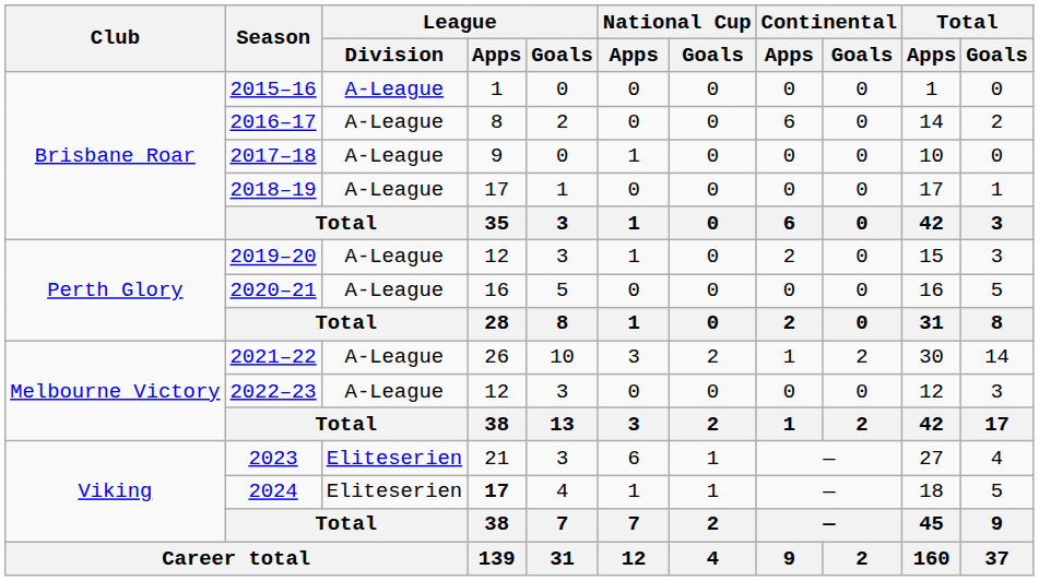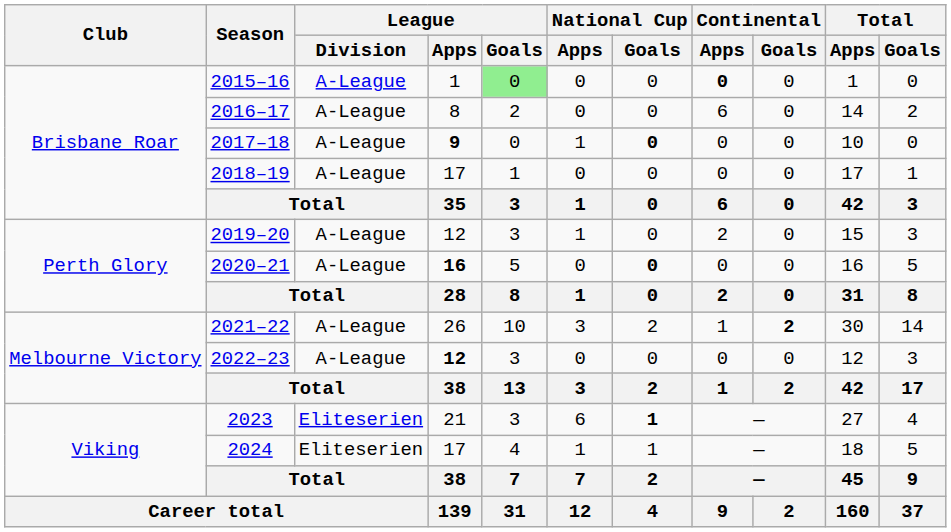 <table class="wikitable" style="text-align: center;">
 <tr>
 <th rowspan="2">Club</th>
 <th rowspan="2">Season</th>
 <th colspan="3">League</th>
 <th colspan="2">National Cup</th>
 <th colspan="2">Continental</th>
 <th colspan="2">Total</th>
 </tr>
 <tr>
 <th>Division</th>
 <th>Apps</th>
 <th>Goals</th>
 <th>Apps</th>
 <th>Goals</th>
 <th>Apps</th>
 <th>Goals</th>
 <th>Apps</th>
 <th>Goals</th>
 </tr>
 <tr>
 <td rowspan=5><a href='#'>Brisbane Roar</a></td>
 <td><a href='#'>2015–16</a></td>
 <td><a href='#'>A-League</a></td>
 <td>1</td>
+<td style="background: lightgreen;">0</td>
 <td>0</td>
 <td>0</td>
-<td>0</td>
-<td>0</td>
+<td><strong>0</strong></td>
 <td>0</td>
 <td>1</td>
 <td>0</td>
 </tr>
 <tr>
 <td><a href='#'>2016–17</a></td>
 <td>A-League</td>
 <td>8</td>
 <td>2</td>
 <td>0</td>
 <td>0</td>
 <td>6</td>
 <td>0</td>
 <td>14</td>
 <td>2</td>
 </tr>
 <tr>
 <td><a href='#'>2017–18</a></td>
 <td>A-League</td>
-<td>9</td>
+<td><strong>9</strong></td>
 <td>0</td>
 <td>1</td>
-<td>0</td>
+<td><strong>0</strong></td>
 <td>0</td>
 <td>0</td>
 <td>10</td>
 <td>0</td>
 </tr>
 <tr>
 <td><a href='#'>2018–19</a></td>
 <td>A-League</td>
 <td>17</td>
 <td>1</td>
 <td>0</td>
 <td>0</td>
 <td>0</td>
 <td>0</td>
 <td>17</td>
 <td>1</td>
 </tr>
 <tr>
 <th colspan="2">Total</th>
 <th>35</th>
 <th>3</th>
 <th>1</th>
 <th>0</th>
 <th>6</th>
 <th>0</th>
 <th>42</th>
 <th>3</th>
 </tr>
 <tr>
 <td rowspan=3><a href='#'>Perth Glory</a></td>
 <td><a href='#'>2019–20</a></td>
 <td>A-League</td>
 <td>12</td>
 <td>3</td>
 <td>1</td>
 <td>0</td>
 <td>2</td>
 <td>0</td>
 <td>15</td>
 <td>3</td>
 </tr>
 <tr>
 <td><a href='#'>2020–21</a></td>
 <td>A-League</td>
-<td>16</td>
+<td><strong>16</strong></td>
 <td>5</td>
 <td>0</td>
-<td>0</td>
+<td><strong>0</strong></td>
 <td>0</td>
 <td>0</td>
 <td>16</td>
 <td>5</td>
 </tr>
 <tr>
 <th colspan="2">Total</th>
 <th>28</th>
 <th>8</th>
 <th>1</th>
 <th>0</th>
 <th>2</th>
 <th>0</th>
 <th>31</th>
 <th>8</th>
 </tr>
 <tr>
 <td rowspan=3><a href='#'>Melbourne Victory</a></td>
 <td><a href='#'>2021–22</a></td>
 <td>A-League</td>
 <td>26</td>
 <td>10</td>
 <td>3</td>
 <td>2</td>
 <td>1</td>
-<td>2</td>
+<td><strong>2</strong></td>
 <td>30</td>
 <td>14</td>
 </tr>
 <tr>
 <td><a href='#'>2022–23</a></td>
 <td>A-League</td>
-<td>12</td>
+<td><strong>12</strong></td>
 <td>3</td>
 <td>0</td>
 <td>0</td>
 <td>0</td>
 <td>0</td>
 <td>12</td>
 <td>3</td>
 </tr>
 <tr>
 <th colspan="2">Total</th>
 <th>38</th>
 <th>13</th>
 <th>3</th>
 <th>2</th>
 <th>1</th>
 <th>2</th>
 <th>42</th>
 <th>17</th>
 </tr>
 <tr>
 <td rowspan="3"><a href='#'>Viking</a></td>
 <td><a href='#'>2023</a></td>
 <td><a href='#'>Eliteserien</a></td>
 <td>21</td>
 <td>3</td>
 <td>6</td>
-<td>1</td>
+<td><strong>1</strong></td>
 <td colspan="2">—</td>
 <td>27</td>
 <td>4</td>
 </tr>
 <tr>
 <td><a href='#'>2024</a></td>
 <td>Eliteserien</td>
-<td><strong>17</strong></td>
+<td>17</td>
 <td>4</td>
 <td>1</td>
 <td>1</td>
 <td colspan="2">—</td>
 <td>18</td>
 <td>5</td>
 </tr>
 <tr>
 <th colspan="2">Total</th>
 <th>38</th>
 <th>7</th>
 <th>7</th>
 <th>2</th>
 <th colspan="2">—</th>
 <th>45</th>
 <th>9</th>
 </tr>
 <tr>
 <th colspan="3">Career total</th>
 <th>139</th>
 <th>31</th>
 <th>12</th>
 <th>4</th>
 <th>9</th>
 <th>2</th>
 <th>160</th>
 <th>37</th>
 </tr>
 </table>
